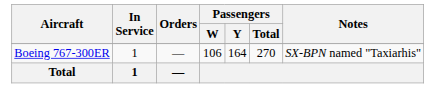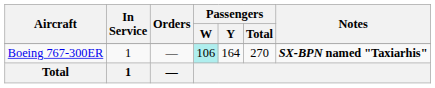 <table class="wikitable" style="margin:0.5em auto; text-align:center;">
 <tr>
 <th rowspan="2">Aircraft</th>
 <th rowspan="2" style="width:30px;">In Service</th>
 <th rowspan="2" style="width:30px;">Orders</th>
 <th colspan="3">Passengers</th>
 <th rowspan="2">Notes</th>
 </tr>
 <tr>
 <th style="width:25px;"><abbr>W</abbr></th>
 <th style="width:25px;"><abbr>Y</abbr></th>
 <th style="width:30px;">Total</th>
 </tr>
 <tr>
 </tr>
 <tr>
 <td style="text-align:left;"><a href='#'>Boeing 767-300ER</a></td>
 <td>1</td>
 <td>—</td>
-<td>106</td>
+<td style="background: paleturquoise;">106</td>
 <td>164</td>
 <td>270</td>
-<td style="text-align:left;"><em>SX-BPN</em> named "Taxiarhis"</td>
+<td style="text-align:left;"><strong><em>SX-BPN</em> named "Taxiarhis"</strong></td>
 </tr>
 <tr>
 <th>Total</th>
 <th>1</th>
 <th>—</th>
 <th colspan="4"></th>
 </tr>
 </table>
